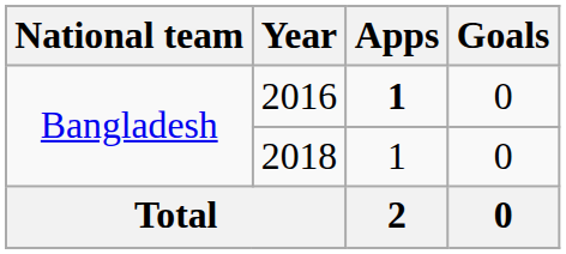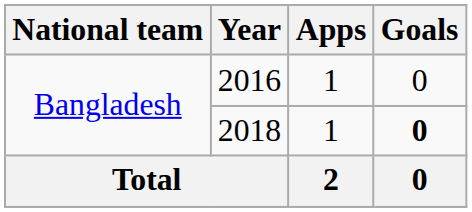 <table class="wikitable" style="text-align:center">
 <tr>
 <th>National team</th>
 <th>Year</th>
 <th>Apps</th>
 <th>Goals</th>
 </tr>
 <tr>
 <td rowspan="2"><a href='#'>Bangladesh</a></td>
 <td>2016</td>
-<td><strong>1</strong></td>
+<td>1</td>
 <td>0</td>
 </tr>
 <tr>
 <td>2018</td>
 <td>1</td>
-<td>0</td>
+<td><strong>0</strong></td>
 </tr>
 <tr>
 <th colspan=2>Total</th>
 <th>2</th>
 <th>0</th>
 </tr>
 </table>
